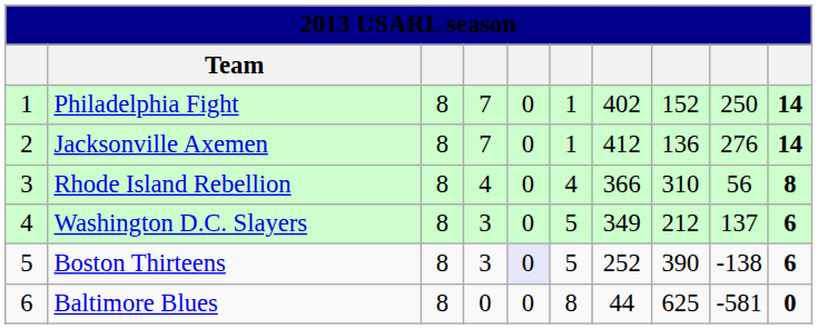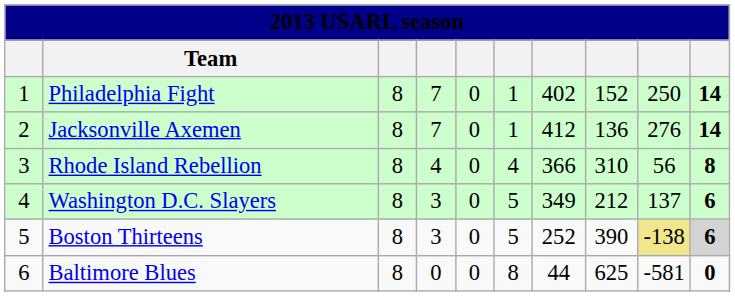 <table class="wikitable" style="text-align:center;">
 <tr>
 <td bgcolor=darkblue align="center" colspan="11"><strong><span>2013 USARL season</span></strong></td>
 </tr>
 <tr>
 <th width="20"></th>
 <th width="230">Team</th>
 <th width="20"></th>
 <th width="20"></th>
 <th width="20"></th>
 <th width="20"></th>
 <th width="30"></th>
 <th width="30"></th>
 <th width="30"></th>
 <th width="20"></th>
 </tr>
 <tr style="background: #ccffcc;">
 <td>1</td>
 <td style="text-align:left;"> <a href='#'>Philadelphia Fight</a></td>
 <td>8</td>
 <td>7</td>
 <td>0</td>
 <td>1</td>
 <td>402</td>
 <td>152</td>
 <td>250</td>
 <td><strong>14</strong></td>
 </tr>
 <tr style="background: #ccffcc;">
 <td>2</td>
 <td style="text-align:left;"> <a href='#'>Jacksonville Axemen</a></td>
 <td>8</td>
 <td>7</td>
 <td>0</td>
 <td>1</td>
 <td>412</td>
 <td>136</td>
 <td>276</td>
 <td><strong>14</strong></td>
 </tr>
 <tr style="background: #ccffcc;">
 <td>3</td>
 <td style="text-align:left;"> <a href='#'>Rhode Island Rebellion</a></td>
 <td>8</td>
 <td>4</td>
 <td>0</td>
 <td>4</td>
 <td>366</td>
 <td>310</td>
 <td>56</td>
 <td><strong>8</strong></td>
 </tr>
 <tr style="background: #ccffcc;">
 <td>4</td>
 <td style="text-align:left;"> <a href='#'>Washington D.C. Slayers</a></td>
 <td>8</td>
 <td>3</td>
 <td>0</td>
 <td>5</td>
 <td>349</td>
 <td>212</td>
 <td>137</td>
 <td><strong>6</strong></td>
 </tr>
 <tr>
 <td>5</td>
 <td style="text-align:left;"> <a href='#'>Boston Thirteens</a></td>
 <td>8</td>
 <td>3</td>
-<td style="background: lavender;">0</td>
+<td>0</td>
 <td>5</td>
 <td>252</td>
 <td>390</td>
-<td>-138</td>
-<td><strong>6</strong></td>
+<td style="background: khaki;">-138</td>
+<td style="background: lightgrey;"><strong>6</strong></td>
 </tr>
 <tr>
 <td>6</td>
 <td style="text-align:left;"> <a href='#'>Baltimore Blues</a></td>
 <td>8</td>
 <td>0</td>
 <td>0</td>
 <td>8</td>
 <td>44</td>
 <td>625</td>
 <td>-581</td>
 <td><strong>0</strong></td>
 </tr>
 </table>
